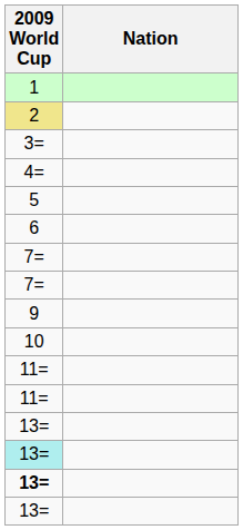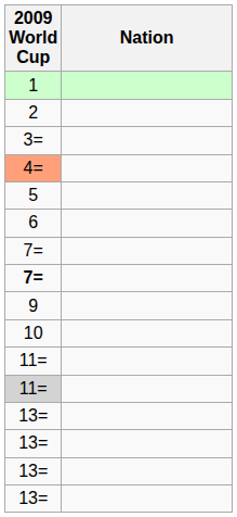 <table class="wikitable" style="text-align: center;">
 <tr>
 <th width="20">2009 World Cup</th>
 <th width="150">Nation</th>
 </tr>
 <tr>
 </tr>
 <tr bgcolor=#ccffcc  align=center>
 <td>1</td>
 <td align=left></td>
 </tr>
 <tr>
-<td style="background: khaki;">2</td>
+<td>2</td>
 <td align=left></td>
 </tr>
 <tr>
 <td>3=</td>
 <td align=left></td>
 </tr>
 <tr>
-<td>4=</td>
+<td style="background: lightsalmon;">4=</td>
 <td align=left></td>
 </tr>
 <tr>
 <td>5</td>
 <td align=left></td>
 </tr>
 <tr>
 <td>6</td>
 <td align=left></td>
 </tr>
 <tr>
 <td>7=</td>
 <td align=left></td>
 </tr>
 <tr>
-<td>7=</td>
+<td><strong>7=</strong></td>
 <td align=left></td>
 </tr>
 <tr>
 <td>9</td>
 <td align=left></td>
 </tr>
 <tr>
 <td>10</td>
 <td align=left></td>
 </tr>
 <tr>
 <td>11=</td>
 <td align=left></td>
 </tr>
 <tr>
-<td>11=</td>
+<td style="background: lightgrey;">11=</td>
 <td align=left></td>
 </tr>
 <tr>
 <td>13=</td>
 <td align=left></td>
 </tr>
 <tr>
-<td style="background: paleturquoise;">13=</td>
+<td>13=</td>
 <td align=left></td>
 </tr>
 <tr>
-<td><strong>13=</strong></td>
+<td>13=</td>
 <td align=left></td>
 </tr>
 <tr>
 <td>13=</td>
 <td align=left></td>
 </tr>
 </table>
